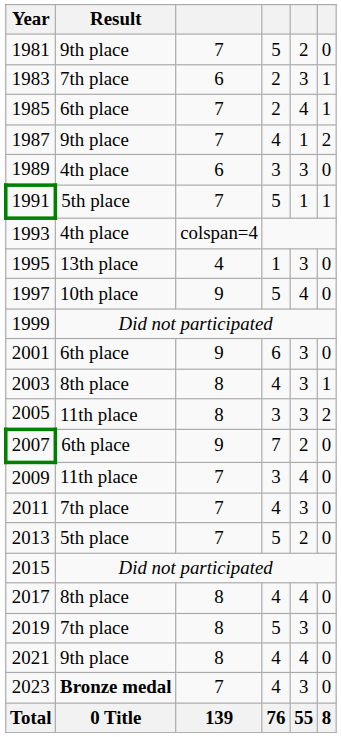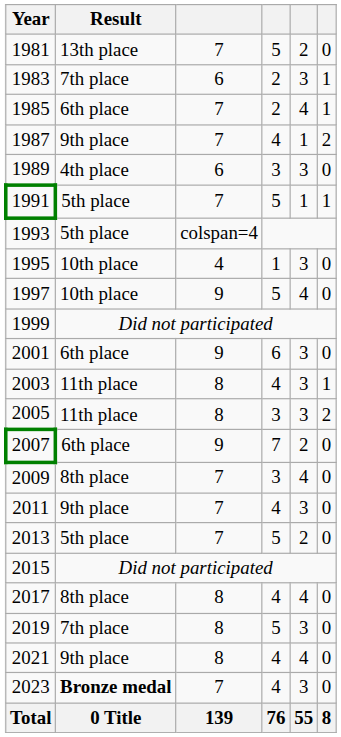 <table class="wikitable" style="text-align: center;">
 <tr>
 <th>Year</th>
 <th>Result</th>
 <th></th>
 <th></th>
 <th></th>
 <th></th>
 </tr>
 <tr>
 <td> 1981</td>
-<td style="text-align:left;">9th place</td>
+<td style="text-align:left;">13th place</td>
 <td>7</td>
 <td>5</td>
 <td>2</td>
 <td>0</td>
 </tr>
 <tr>
 <td> 1983</td>
 <td style="text-align:left;">7th place</td>
 <td>6</td>
 <td>2</td>
 <td>3</td>
 <td>1</td>
 </tr>
 <tr>
 <td> 1985</td>
 <td style="text-align:left;">6th place</td>
 <td>7</td>
 <td>2</td>
 <td>4</td>
 <td>1</td>
 </tr>
 <tr>
 <td> 1987</td>
 <td style="text-align:left;">9th place</td>
 <td>7</td>
 <td>4</td>
 <td>1</td>
 <td>2</td>
 </tr>
 <tr>
 <td> 1989</td>
 <td style="text-align:left;">4th place</td>
 <td>6</td>
 <td>3</td>
 <td>3</td>
 <td>0</td>
 </tr>
 <tr>
 <td style="border: 3px solid green"> 1991</td>
 <td style="text-align:left;">5th place</td>
 <td>7</td>
 <td>5</td>
 <td>1</td>
 <td>1</td>
 </tr>
 <tr>
 <td> 1993</td>
-<td style="text-align:left;">4th place</td>
+<td style="text-align:left;">5th place</td>
 <td>colspan=4 </td>
 </tr>
 <tr>
 <td> 1995</td>
-<td style="text-align:left;">13th place</td>
+<td style="text-align:left;">10th place</td>
 <td>4</td>
 <td>1</td>
 <td>3</td>
 <td>0</td>
 </tr>
 <tr>
 <td> 1997</td>
 <td style="text-align:left;">10th place</td>
 <td>9</td>
 <td>5</td>
 <td>4</td>
 <td>0</td>
 </tr>
 <tr>
 <td> 1999</td>
 <td colspan=5><em>Did not participated</em></td>
 </tr>
 <tr>
 <td> 2001</td>
 <td style="text-align:left;">6th place</td>
 <td>9</td>
 <td>6</td>
 <td>3</td>
 <td>0</td>
 </tr>
 <tr>
 <td> 2003</td>
-<td style="text-align:left;">8th place</td>
+<td style="text-align:left;">11th place</td>
 <td>8</td>
 <td>4</td>
 <td>3</td>
 <td>1</td>
 </tr>
 <tr>
 <td> 2005</td>
 <td style="text-align:left;">11th place</td>
 <td>8</td>
 <td>3</td>
 <td>3</td>
 <td>2</td>
 </tr>
 <tr>
 <td style="border: 3px solid green"> 2007</td>
 <td style="text-align:left;">6th place</td>
 <td>9</td>
 <td>7</td>
 <td>2</td>
 <td>0</td>
 </tr>
 <tr>
 <td> 2009</td>
-<td style="text-align:left;">11th place</td>
+<td style="text-align:left;">8th place</td>
 <td>7</td>
 <td>3</td>
 <td>4</td>
 <td>0</td>
 </tr>
 <tr>
 <td> 2011</td>
-<td style="text-align:left;">7th place</td>
+<td style="text-align:left;">9th place</td>
 <td>7</td>
 <td>4</td>
 <td>3</td>
 <td>0</td>
 </tr>
 <tr>
 <td> 2013</td>
 <td style="text-align:left;">5th place</td>
 <td>7</td>
 <td>5</td>
 <td>2</td>
 <td>0</td>
 </tr>
 <tr>
 <td> 2015</td>
 <td colspan=5><em>Did not participated</em></td>
 </tr>
 <tr>
 <td> 2017</td>
 <td style="text-align:left;">8th place</td>
 <td>8</td>
 <td>4</td>
 <td>4</td>
 <td>0</td>
 </tr>
 <tr>
 <td> 2019</td>
 <td style="text-align:left;">7th place</td>
 <td>8</td>
 <td>5</td>
 <td>3</td>
 <td>0</td>
 </tr>
 <tr>
 <td> 2021</td>
 <td style="text-align:left;">9th place</td>
 <td>8</td>
 <td>4</td>
 <td>4</td>
 <td>0</td>
 </tr>
 <tr>
 <td> 2023</td>
 <td style="text-align:left;"><strong> Bronze medal</strong></td>
 <td>7</td>
 <td>4</td>
 <td>3</td>
 <td>0</td>
 </tr>
 <tr>
 <th>Total</th>
 <th>0 Title</th>
 <th>139</th>
 <th>76</th>
 <th>55</th>
 <th>8</th>
 </tr>
 </table>
